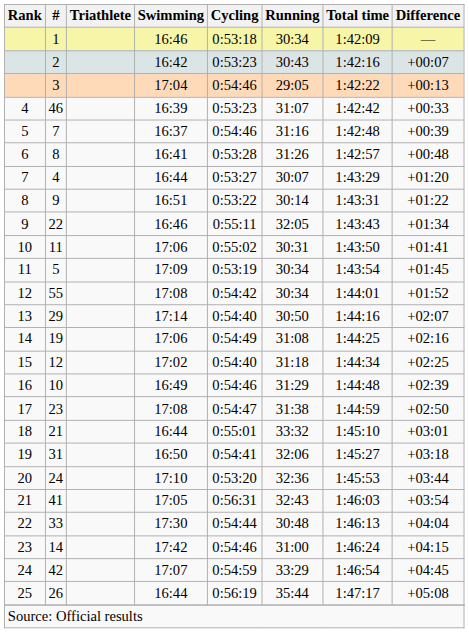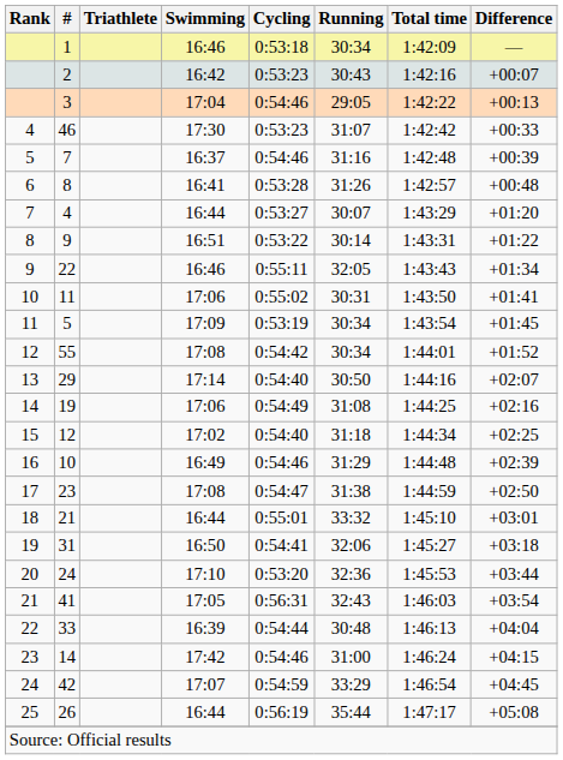 <table class="wikitable sortable" style="text-align:center">
 <tr>
 <th data-sort-type="number">Rank</th>
 <th>#</th>
 <th>Triathlete</th>
 <th>Swimming</th>
 <th>Cycling</th>
 <th>Running</th>
 <th>Total time</th>
 <th>Difference</th>
 </tr>
 <tr style="background:#F7F6A8;”">
 <td></td>
 <td>1</td>
 <td align=left></td>
 <td>16:46</td>
 <td>0:53:18</td>
 <td>30:34</td>
 <td>1:42:09</td>
 <td>—</td>
 </tr>
 <tr style="background:#DCE5E5;”">
 <td></td>
 <td>2</td>
 <td align=left></td>
 <td>16:42</td>
 <td>0:53:23</td>
 <td>30:43</td>
 <td>1:42:16</td>
 <td>+00:07</td>
 </tr>
 <tr style="background:#FFDAB9;">
 <td></td>
 <td>3</td>
 <td align=left></td>
 <td>17:04</td>
 <td>0:54:46</td>
 <td>29:05</td>
 <td>1:42:22</td>
 <td>+00:13</td>
 </tr>
 <tr>
 <td>4</td>
 <td>46</td>
 <td align=left></td>
-<td>16:39</td>
+<td>17:30</td>
 <td>0:53:23</td>
 <td>31:07</td>
 <td>1:42:42</td>
 <td>+00:33</td>
 </tr>
 <tr>
 <td>5</td>
 <td>7</td>
 <td align=left></td>
 <td>16:37</td>
 <td>0:54:46</td>
 <td>31:16</td>
 <td>1:42:48</td>
 <td>+00:39</td>
 </tr>
 <tr>
 <td>6</td>
 <td>8</td>
 <td align=left></td>
 <td>16:41</td>
 <td>0:53:28</td>
 <td>31:26</td>
 <td>1:42:57</td>
 <td>+00:48</td>
 </tr>
 <tr>
 <td>7</td>
 <td>4</td>
 <td align=left></td>
 <td>16:44</td>
 <td>0:53:27</td>
 <td>30:07</td>
 <td>1:43:29</td>
 <td>+01:20</td>
 </tr>
 <tr>
 <td>8</td>
 <td>9</td>
 <td align=left></td>
 <td>16:51</td>
 <td>0:53:22</td>
 <td>30:14</td>
 <td>1:43:31</td>
 <td>+01:22</td>
 </tr>
 <tr>
 <td>9</td>
 <td>22</td>
 <td align=left></td>
 <td>16:46</td>
 <td>0:55:11</td>
 <td>32:05</td>
 <td>1:43:43</td>
 <td>+01:34</td>
 </tr>
 <tr>
 <td>10</td>
 <td>11</td>
 <td align=left></td>
 <td>17:06</td>
 <td>0:55:02</td>
 <td>30:31</td>
 <td>1:43:50</td>
 <td>+01:41</td>
 </tr>
 <tr>
 <td>11</td>
 <td>5</td>
 <td align=left></td>
 <td>17:09</td>
 <td>0:53:19</td>
 <td>30:34</td>
 <td>1:43:54</td>
 <td>+01:45</td>
 </tr>
 <tr>
 <td>12</td>
 <td>55</td>
 <td align=left></td>
 <td>17:08</td>
 <td>0:54:42</td>
 <td>30:34</td>
 <td>1:44:01</td>
 <td>+01:52</td>
 </tr>
 <tr>
 <td>13</td>
 <td>29</td>
 <td align=left></td>
 <td>17:14</td>
 <td>0:54:40</td>
 <td>30:50</td>
 <td>1:44:16</td>
 <td>+02:07</td>
 </tr>
 <tr>
 <td>14</td>
 <td>19</td>
 <td align=left></td>
 <td>17:06</td>
 <td>0:54:49</td>
 <td>31:08</td>
 <td>1:44:25</td>
 <td>+02:16</td>
 </tr>
 <tr>
 <td>15</td>
 <td>12</td>
 <td align=left></td>
 <td>17:02</td>
 <td>0:54:40</td>
 <td>31:18</td>
 <td>1:44:34</td>
 <td>+02:25</td>
 </tr>
 <tr>
 <td>16</td>
 <td>10</td>
 <td align=left></td>
 <td>16:49</td>
 <td>0:54:46</td>
 <td>31:29</td>
 <td>1:44:48</td>
 <td>+02:39</td>
 </tr>
 <tr>
 <td>17</td>
 <td>23</td>
 <td align=left></td>
 <td>17:08</td>
 <td>0:54:47</td>
 <td>31:38</td>
 <td>1:44:59</td>
 <td>+02:50</td>
 </tr>
 <tr>
 <td>18</td>
 <td>21</td>
 <td align=left></td>
 <td>16:44</td>
 <td>0:55:01</td>
 <td>33:32</td>
 <td>1:45:10</td>
 <td>+03:01</td>
 </tr>
 <tr>
 <td>19</td>
 <td>31</td>
 <td align=left></td>
 <td>16:50</td>
 <td>0:54:41</td>
 <td>32:06</td>
 <td>1:45:27</td>
 <td>+03:18</td>
 </tr>
 <tr>
 <td>20</td>
 <td>24</td>
 <td align=left></td>
 <td>17:10</td>
 <td>0:53:20</td>
 <td>32:36</td>
 <td>1:45:53</td>
 <td>+03:44</td>
 </tr>
 <tr>
 <td>21</td>
 <td>41</td>
 <td align=left></td>
 <td>17:05</td>
 <td>0:56:31</td>
 <td>32:43</td>
 <td>1:46:03</td>
 <td>+03:54</td>
 </tr>
 <tr>
 <td>22</td>
 <td>33</td>
 <td align=left></td>
-<td>17:30</td>
+<td>16:39</td>
 <td>0:54:44</td>
 <td>30:48</td>
 <td>1:46:13</td>
 <td>+04:04</td>
 </tr>
 <tr>
 <td>23</td>
 <td>14</td>
 <td align=left></td>
 <td>17:42</td>
 <td>0:54:46</td>
 <td>31:00</td>
 <td>1:46:24</td>
 <td>+04:15</td>
 </tr>
 <tr>
 <td>24</td>
 <td>42</td>
 <td align=left></td>
 <td>17:07</td>
 <td>0:54:59</td>
 <td>33:29</td>
 <td>1:46:54</td>
 <td>+04:45</td>
 </tr>
 <tr>
 <td>25</td>
 <td>26</td>
 <td align=left></td>
 <td>16:44</td>
 <td>0:56:19</td>
 <td>35:44</td>
 <td>1:47:17</td>
 <td>+05:08</td>
 </tr>
 <tr>
 </tr>
 <tr class="sortbottom">
 <td colspan="9" style="text-align:left;">Source: Official results</td>
 </tr>
 </table>
